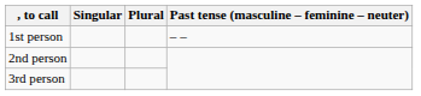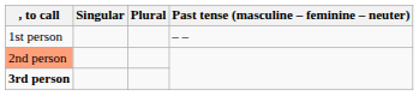 <table class="wikitable">
 <tr>
 <th>, to call</th>
 <th>Singular</th>
 <th>Plural</th>
 <th>Past tense (masculine – feminine – neuter)</th>
 </tr>
 <tr>
 <td>1st person</td>
 <td></td>
 <td></td>
 <td> –  – </td>
 </tr>
 <tr>
-<td>2nd person</td>
+<td style="background: lightsalmon;">2nd person</td>
 <td></td>
 <td></td>
 </tr>
 <tr>
-<td>3rd person</td>
+<td><strong>3rd person</strong></td>
 <td></td>
 <td></td>
 </tr>
 </table>
